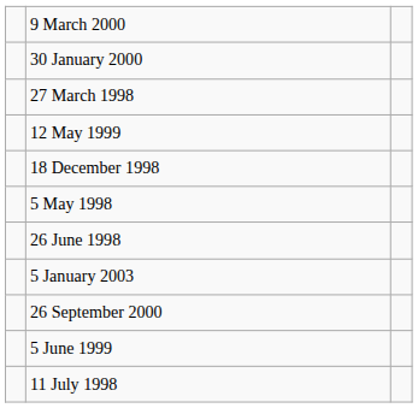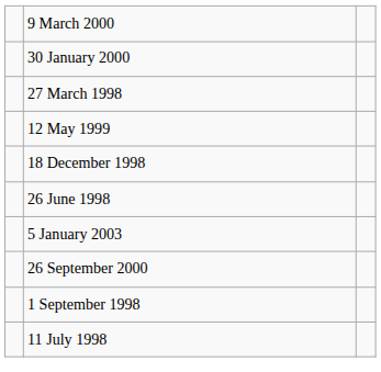 <table class="wikitable" style="font-size: 89%; float: left; width: 24em; margin-right: 1em; line-height: 1.65em !important; height: 324px;">
 <tr>
 <td></td>
 <td>9 March 2000</td>
 <td></td>
 </tr>
 <tr>
 <td></td>
 <td>30 January 2000</td>
 <td></td>
 </tr>
 <tr>
 <td></td>
 <td>27 March 1998</td>
 <td></td>
 </tr>
 <tr>
 <td></td>
 <td>12 May 1999</td>
 <td></td>
 </tr>
 <tr>
 <td></td>
 <td>18 December 1998</td>
 <td></td>
 </tr>
 <tr>
 <td></td>
-<td>5 May 1998</td>
-<td></td>
-</tr>
-<tr>
-<td></td>
 <td>26 June 1998</td>
 <td></td>
 </tr>
 <tr>
 <td></td>
 <td>5 January 2003</td>
 <td></td>
 </tr>
 <tr>
 <td></td>
 <td>26 September 2000</td>
 <td></td>
 </tr>
 <tr>
 <td></td>
-<td>5 June 1999</td>
+<td>1 September 1998</td>
 <td></td>
 </tr>
 <tr>
 <td></td>
 <td>11 July 1998</td>
 <td></td>
 </tr>
 </table>
